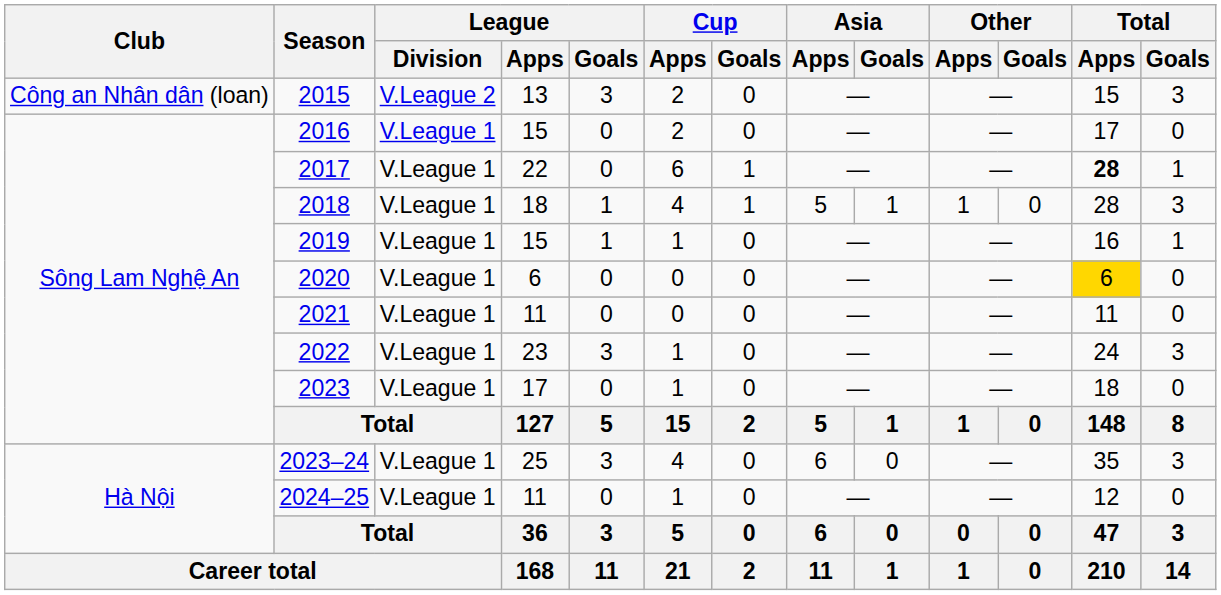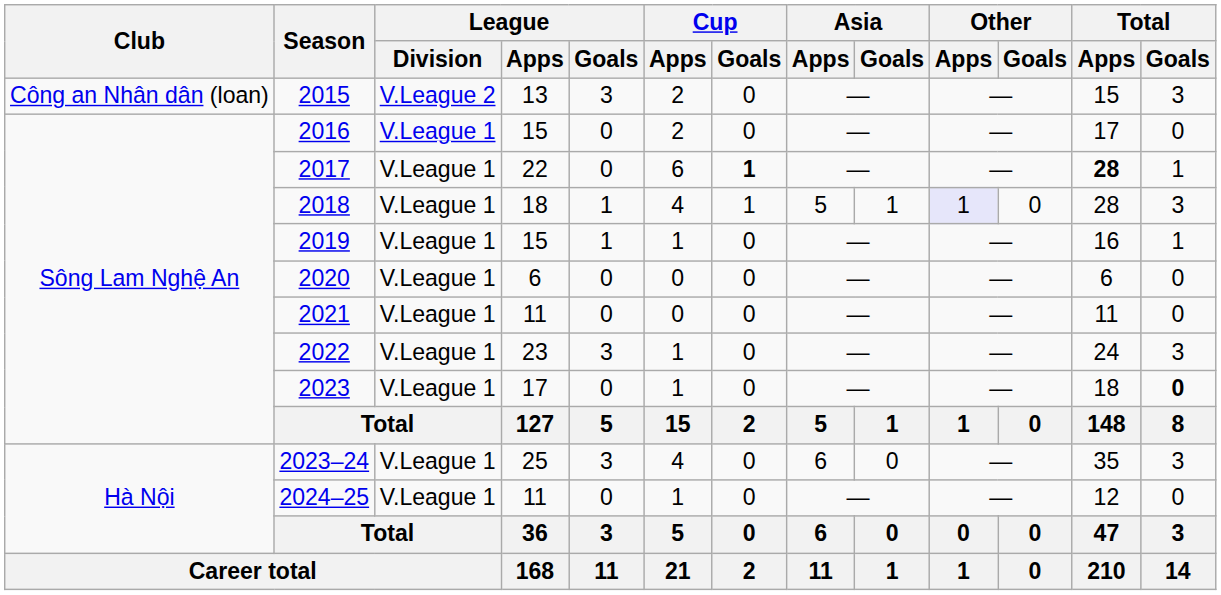 <table class="wikitable" style="text-align: center;">
 <tr>
 <th rowspan="2">Club</th>
 <th rowspan="2">Season</th>
 <th colspan="3">League</th>
 <th colspan="2"><a href='#'>Cup</a></th>
 <th colspan="2">Asia</th>
 <th colspan="2">Other</th>
 <th colspan="2">Total</th>
 </tr>
 <tr>
 <th>Division</th>
 <th>Apps</th>
 <th>Goals</th>
 <th>Apps</th>
 <th>Goals</th>
 <th>Apps</th>
 <th>Goals</th>
 <th>Apps</th>
 <th>Goals</th>
 <th>Apps</th>
 <th>Goals</th>
 </tr>
 <tr>
 <td><a href='#'>Công an Nhân dân</a> (loan)</td>
 <td><a href='#'>2015</a></td>
 <td><a href='#'>V.League 2</a></td>
 <td>13</td>
 <td>3</td>
 <td>2</td>
 <td>0</td>
 <td colspan=2>—</td>
 <td colspan=2>—</td>
 <td>15</td>
 <td>3</td>
 </tr>
 <tr>
 <td rowspan="9"><a href='#'>Sông Lam Nghệ An</a></td>
 <td><a href='#'>2016</a></td>
 <td><a href='#'>V.League 1</a></td>
 <td>15</td>
 <td>0</td>
 <td>2</td>
 <td>0</td>
 <td colspan=2>—</td>
 <td colspan=2>—</td>
 <td>17</td>
 <td>0</td>
 </tr>
 <tr>
 <td><a href='#'>2017</a></td>
 <td>V.League 1</td>
 <td>22</td>
 <td>0</td>
 <td>6</td>
-<td>1</td>
+<td><strong>1</strong></td>
 <td colspan=2>—</td>
 <td colspan=2>—</td>
 <td><strong>28</strong></td>
 <td>1</td>
 </tr>
 <tr>
 <td><a href='#'>2018</a></td>
 <td>V.League 1</td>
 <td>18</td>
 <td>1</td>
 <td>4</td>
 <td>1</td>
 <td>5</td>
 <td>1</td>
-<td>1</td>
+<td style="background: lavender;">1</td>
 <td>0</td>
 <td>28</td>
 <td>3</td>
 </tr>
 <tr>
 <td><a href='#'>2019</a></td>
 <td>V.League 1</td>
 <td>15</td>
 <td>1</td>
 <td>1</td>
 <td>0</td>
 <td colspan=2>—</td>
 <td colspan=2>—</td>
 <td>16</td>
 <td>1</td>
 </tr>
 <tr>
 <td><a href='#'>2020</a></td>
 <td>V.League 1</td>
 <td>6</td>
 <td>0</td>
 <td>0</td>
 <td>0</td>
 <td colspan="2">—</td>
 <td colspan=2>—</td>
-<td style="background: gold;">6</td>
+<td>6</td>
 <td>0</td>
 </tr>
 <tr>
 <td><a href='#'>2021</a></td>
 <td>V.League 1</td>
 <td>11</td>
 <td>0</td>
 <td>0</td>
 <td>0</td>
 <td colspan=2>—</td>
 <td colspan=2>—</td>
 <td>11</td>
 <td>0</td>
 </tr>
 <tr>
 <td><a href='#'>2022</a></td>
 <td>V.League 1</td>
 <td>23</td>
 <td>3</td>
 <td>1</td>
 <td>0</td>
 <td colspan=2>—</td>
 <td colspan=2>—</td>
 <td>24</td>
 <td>3</td>
 </tr>
 <tr>
 <td><a href='#'>2023</a></td>
 <td>V.League 1</td>
 <td>17</td>
 <td>0</td>
 <td>1</td>
 <td>0</td>
 <td colspan=2>—</td>
 <td colspan=2>—</td>
 <td>18</td>
-<td>0</td>
+<td><strong>0</strong></td>
 </tr>
 <tr>
 <th colspan=2>Total</th>
 <th>127</th>
 <th>5</th>
 <th>15</th>
 <th>2</th>
 <th>5</th>
 <th>1</th>
 <th>1</th>
 <th>0</th>
 <th>148</th>
 <th>8</th>
 </tr>
 <tr>
 <td rowspan="3"><a href='#'>Hà Nội</a></td>
 <td><a href='#'>2023–24</a></td>
 <td>V.League 1</td>
 <td>25</td>
 <td>3</td>
 <td>4</td>
 <td>0</td>
 <td>6</td>
 <td>0</td>
 <td colspan=2>—</td>
 <td>35</td>
 <td>3</td>
 </tr>
 <tr>
 <td><a href='#'>2024–25</a></td>
 <td>V.League 1</td>
 <td>11</td>
 <td>0</td>
 <td>1</td>
 <td>0</td>
 <td colspan=2>—</td>
 <td colspan=2>—</td>
 <td>12</td>
 <td>0</td>
 </tr>
 <tr>
 <th colspan=2>Total</th>
 <th>36</th>
 <th>3</th>
 <th>5</th>
 <th>0</th>
 <th>6</th>
 <th>0</th>
 <th>0</th>
 <th>0</th>
 <th>47</th>
 <th>3</th>
 </tr>
 <tr>
 <th colspan=3>Career total</th>
 <th>168</th>
 <th>11</th>
 <th>21</th>
 <th>2</th>
 <th>11</th>
 <th>1</th>
 <th>1</th>
 <th>0</th>
 <th>210</th>
 <th>14</th>
 </tr>
 </table>
